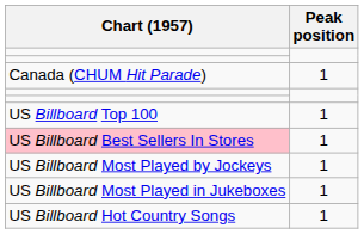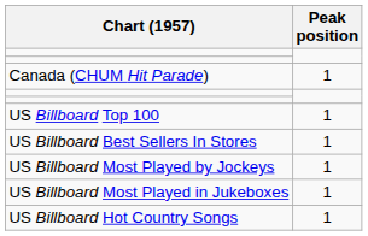 <table class="wikitable sortable">
 <tr>
 <th scope="col">Chart (1957)</th>
 <th scope="col">Peak<br>position</th>
 </tr>
 <tr>
 <td></td>
 </tr>
 <tr>
 <td></td>
 </tr>
 <tr>
 <td>Canada (<a href='#'>CHUM <em>Hit Parade</em></a>)</td>
 <td style="text-align:center;">1</td>
 </tr>
 <tr>
 <td></td>
 </tr>
 <tr>
 <td></td>
 </tr>
 <tr>
 <td>US <em><a href='#'>Billboard</a></em> <a href='#'>Top 100</a></td>
 <td style="text-align:center;">1</td>
 </tr>
 <tr>
-<td style="background: pink;">US <em>Billboard</em> <a href='#'>Best Sellers In Stores</a></td>
+<td>US <em>Billboard</em> <a href='#'>Best Sellers In Stores</a></td>
 <td style="text-align:center;">1</td>
 </tr>
 <tr>
 <td>US <em>Billboard</em> <a href='#'>Most Played by Jockeys</a></td>
 <td style="text-align:center;">1</td>
 </tr>
 <tr>
 <td>US <em>Billboard</em> <a href='#'>Most Played in Jukeboxes</a></td>
 <td style="text-align:center;">1</td>
 </tr>
 <tr>
 <td>US <em>Billboard</em> <a href='#'>Hot Country Songs</a></td>
 <td style="text-align:center;">1</td>
 </tr>
 </table>
